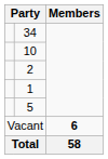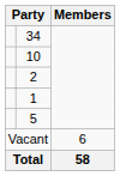 <table class="wikitable sortable">
 <tr>
 <th colspan="2">Party</th>
 <th>Members</th>
 </tr>
 <tr>
 <td></td>
 <td style="text-align: center;">34</td>
 </tr>
 <tr>
 <td></td>
 <td style="text-align: center;">10</td>
 </tr>
 <tr>
 <td></td>
 <td style="text-align: center;">2</td>
 </tr>
 <tr>
 <td></td>
 <td style="text-align: center;">1</td>
 </tr>
 <tr>
 <td></td>
 <td style="text-align: center;">5</td>
 </tr>
 <tr>
 <td colspan=2>Vacant</td>
-<td style="text-align: center;"><strong>6</strong></td>
+<td style="text-align: center;">6</td>
 </tr>
 <tr>
 <th colspan="2"><strong>Total</strong></th>
 <th>58</th>
 </tr>
 </table>
